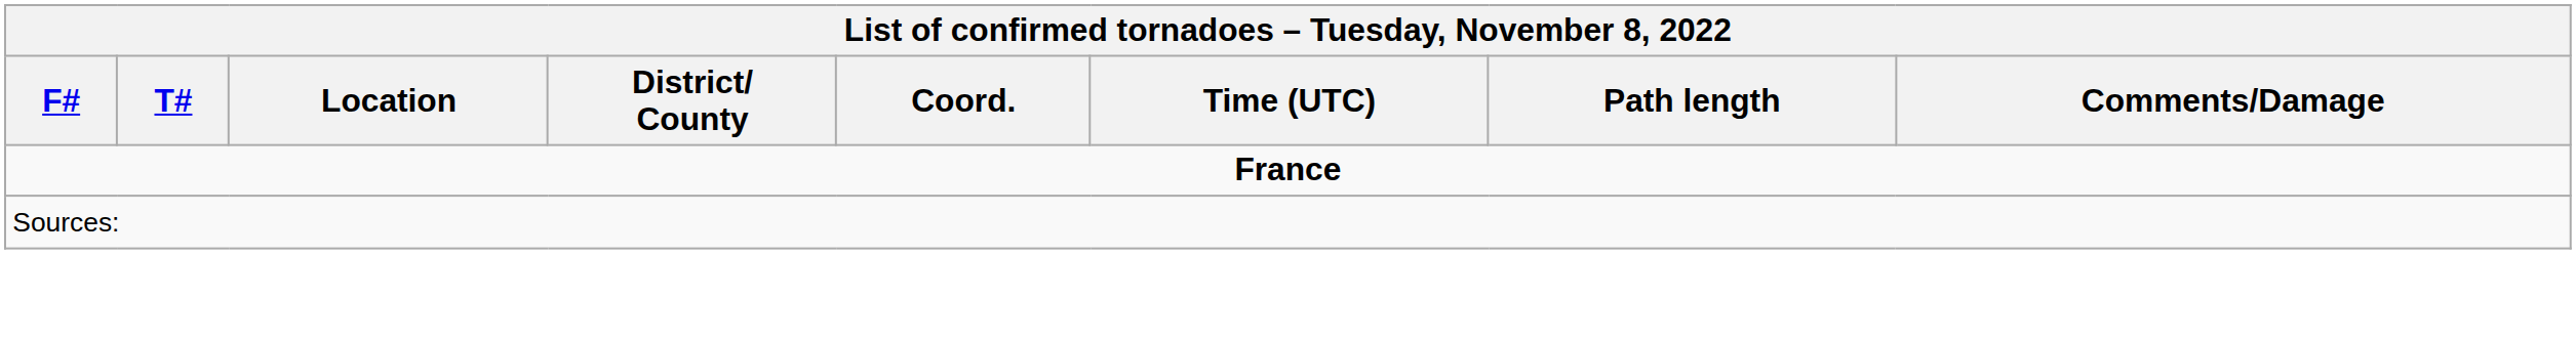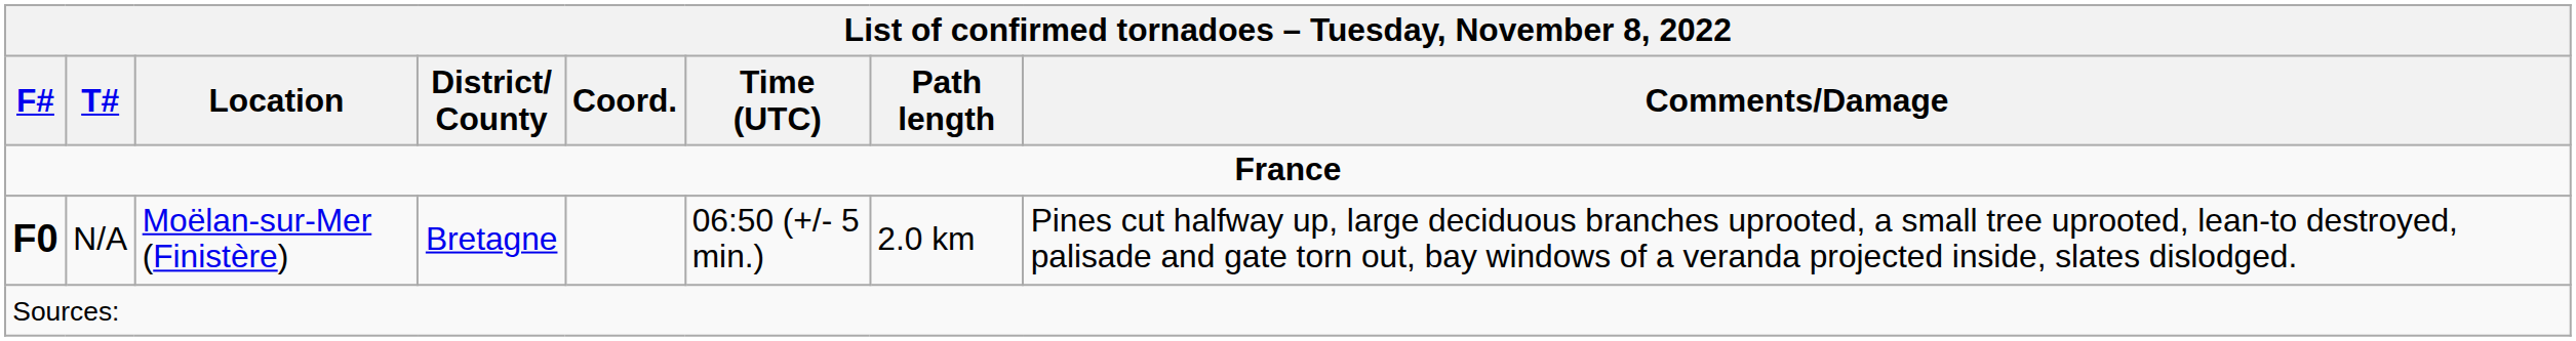 <table class="wikitable collapsible" width="100%">
 <tr>
 <th colspan="8">List of confirmed tornadoes – Tuesday, November 8, 2022</th>
 </tr>
 <tr>
 <th><a href='#'>F#</a></th>
 <th><a href='#'>T#</a></th>
 <th>Location</th>
 <th>District/<br>County</th>
 <th>Coord.</th>
 <th>Time (UTC)</th>
 <th>Path length</th>
 <th>Comments/Damage</th>
 </tr>
 <tr>
 <td colspan="8" align=center><strong>France</strong></td>
 </tr>
 <tr>
+<td><big><strong>F0</strong></big></td>
+<td>N/A</td>
+<td><a href='#'>Moëlan-sur-Mer</a> (<a href='#'>Finistère</a>)</td>
+<td><a href='#'>Bretagne</a></td>
+<td></td>
+<td>06:50 (+/- 5 min.)</td>
+<td>2.0 km</td>
+<td>Pines cut halfway up, large deciduous branches uprooted, a small tree uprooted, lean-to destroyed, palisade and gate torn out, bay windows of a veranda projected inside, slates dislodged.</td>
+</tr>
+<tr>
 <td colspan="8"><small>Sources:  </small></td>
 </tr>
 </table>
